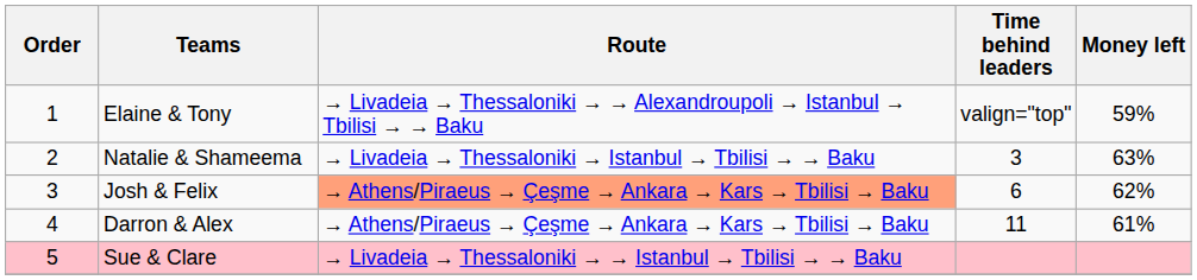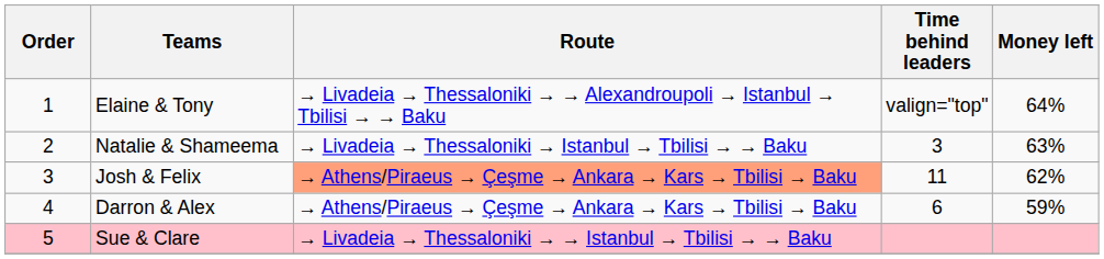 <table class="wikitable sortable" style="text-align:center">
 <tr>
 <th style="width:4em">Order</th>
 <th style="width:10em">Teams</th>
 <th style="width:30em">Route</th>
 <th style="width:5em">Time behind leaders</th>
 <th style="width:5em">Money left</th>
 </tr>
 <tr>
 <td>1</td>
 <td style="text-align:left">Elaine & Tony</td>
 <td style="text-align:left"> → <a href='#'>Livadeia</a>  → <a href='#'>Thessaloniki</a>  →  → <a href='#'>Alexandroupoli</a>  → <a href='#'>Istanbul</a>  → <a href='#'>Tbilisi</a>  →  → <a href='#'>Baku</a></td>
 <td>valign="top" </td>
-<td>59%</td>
+<td>64%</td>
 </tr>
 <tr>
 <td>2</td>
 <td style="text-align:left">Natalie & Shameema</td>
 <td style="text-align:left"> → <a href='#'>Livadeia</a>  → <a href='#'>Thessaloniki</a> → <a href='#'>Istanbul</a>   → <a href='#'>Tbilisi</a> →  → <a href='#'>Baku</a></td>
 <td>3</td>
 <td>63%</td>
 </tr>
 <tr>
 <td>3</td>
 <td style="text-align:left">Josh & Felix</td>
 <td style="background: lightsalmon; text-align:left"> → <a href='#'>Athens</a>/<a href='#'>Piraeus</a>  → <a href='#'>Çeşme</a>  → <a href='#'>Ankara</a>  → <a href='#'>Kars</a>  → <a href='#'>Tbilisi</a>  → <a href='#'>Baku</a></td>
-<td>6</td>
+<td>11</td>
 <td>62%</td>
 </tr>
 <tr>
 <td>4</td>
 <td style="text-align:left">Darron & Alex</td>
 <td style="text-align:left"> → <a href='#'>Athens</a>/<a href='#'>Piraeus</a>  → <a href='#'>Çeşme</a>  → <a href='#'>Ankara</a>   → <a href='#'>Kars</a>  → <a href='#'>Tbilisi</a>  → <a href='#'>Baku</a></td>
-<td>11</td>
-<td>61%</td>
+<td>6</td>
+<td>59%</td>
 </tr>
 <tr style="background:pink">
 <td>5</td>
 <td style="text-align:left">Sue & Clare</td>
 <td style="text-align:left"> → <a href='#'>Livadeia</a>  → <a href='#'>Thessaloniki</a>  →  → <a href='#'>Istanbul</a>  → <a href='#'>Tbilisi</a> →  → <a href='#'>Baku</a></td>
 <td></td>
 <td></td>
 </tr>
 <tr>
 </tr>
 </table>
